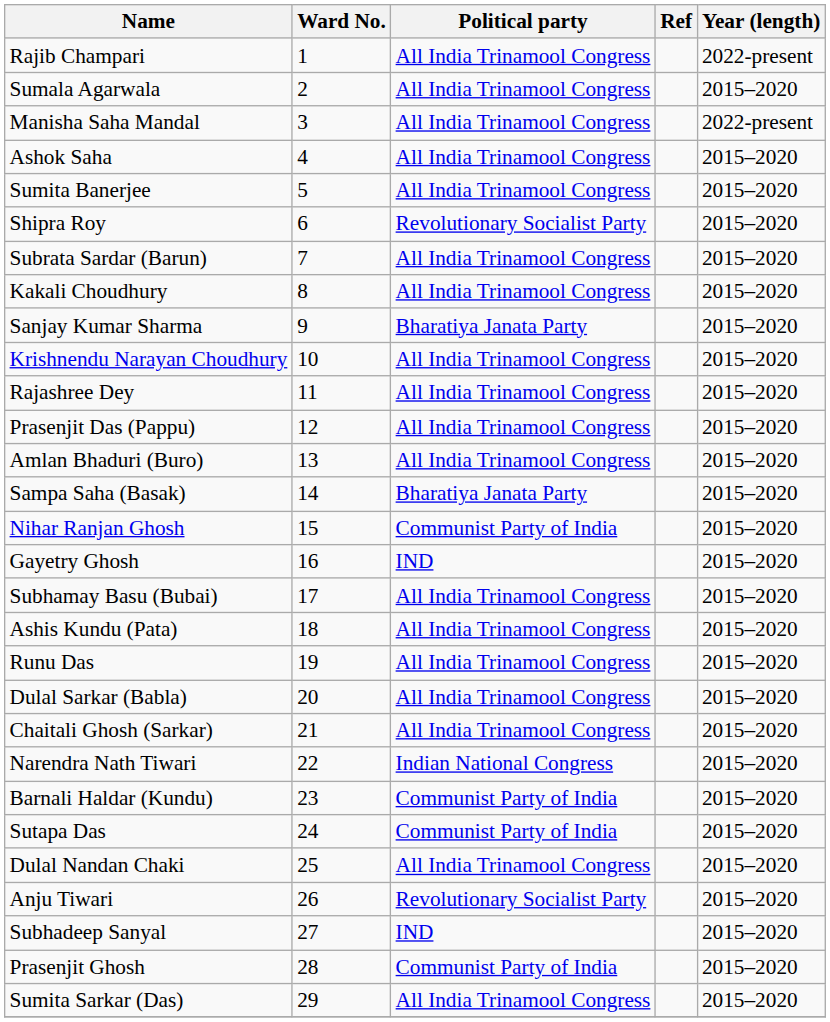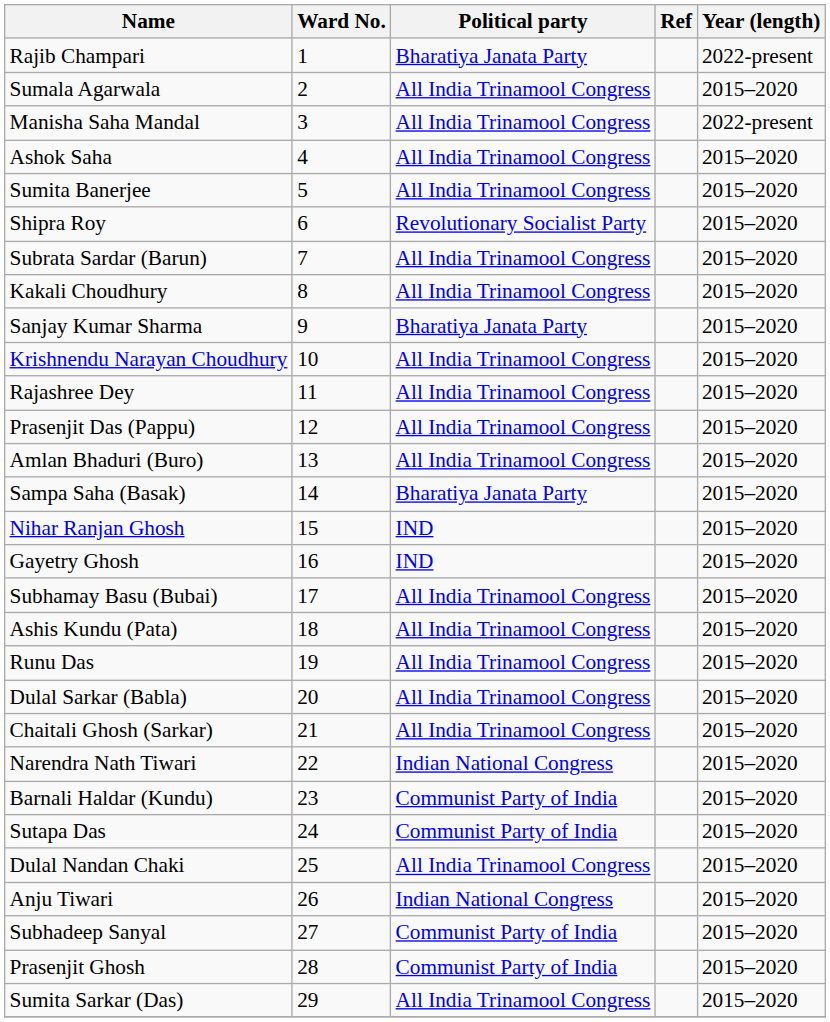 <table class="wikitable">
 <tr>
 <th>Name</th>
 <th>Ward No.</th>
 <th>Political party</th>
 <th scope=col class=unsortable>Ref</th>
 <th>Year (length)</th>
 </tr>
 <tr>
 <td>Rajib Champari</td>
 <td>1</td>
-<td><a href='#'>All India Trinamool Congress</a></td>
+<td><a href='#'>Bharatiya Janata Party</a></td>
 <td width="4px"></td>
 <td>2022-present</td>
 </tr>
 <tr>
 <td>Sumala Agarwala</td>
 <td>2</td>
 <td><a href='#'>All India Trinamool Congress</a></td>
 <td width="4px"></td>
 <td>2015–2020</td>
 </tr>
 <tr>
 <td>Manisha Saha Mandal</td>
 <td>3</td>
 <td><a href='#'>All India Trinamool Congress</a></td>
 <td width="4px"></td>
 <td>2022-present</td>
 </tr>
 <tr>
 <td>Ashok Saha</td>
 <td>4</td>
 <td><a href='#'>All India Trinamool Congress</a></td>
 <td width="4px"></td>
 <td>2015–2020</td>
 </tr>
 <tr>
 <td>Sumita Banerjee</td>
 <td>5</td>
 <td><a href='#'>All India Trinamool Congress</a></td>
 <td width="4px"></td>
 <td>2015–2020</td>
 </tr>
 <tr>
 <td>Shipra Roy</td>
 <td>6</td>
 <td><a href='#'>Revolutionary Socialist Party</a></td>
 <td width="4px"></td>
 <td>2015–2020</td>
 </tr>
 <tr>
 <td>Subrata Sardar (Barun)</td>
 <td>7</td>
 <td><a href='#'>All India Trinamool Congress</a></td>
 <td width="4px"></td>
 <td>2015–2020</td>
 </tr>
 <tr>
 <td>Kakali Choudhury</td>
 <td>8</td>
 <td><a href='#'>All India Trinamool Congress</a></td>
 <td width="4px"></td>
 <td>2015–2020</td>
 </tr>
 <tr>
 <td>Sanjay Kumar Sharma</td>
 <td>9</td>
 <td><a href='#'>Bharatiya Janata Party</a></td>
 <td width="4px"></td>
 <td>2015–2020</td>
 </tr>
 <tr>
 <td><a href='#'>Krishnendu Narayan Choudhury</a></td>
 <td>10</td>
 <td><a href='#'>All India Trinamool Congress</a></td>
 <td width="4px"></td>
 <td>2015–2020</td>
 </tr>
 <tr>
 <td>Rajashree Dey</td>
 <td>11</td>
 <td><a href='#'>All India Trinamool Congress</a></td>
 <td width="4px"></td>
 <td>2015–2020</td>
 </tr>
 <tr>
 <td>Prasenjit Das (Pappu)</td>
 <td>12</td>
 <td><a href='#'>All India Trinamool Congress</a></td>
 <td width="4px"></td>
 <td>2015–2020</td>
 </tr>
 <tr>
 <td>Amlan Bhaduri (Buro)</td>
 <td>13</td>
 <td><a href='#'>All India Trinamool Congress</a></td>
 <td width="4px"></td>
 <td>2015–2020</td>
 </tr>
 <tr>
 <td>Sampa Saha (Basak)</td>
 <td>14</td>
 <td><a href='#'>Bharatiya Janata Party</a></td>
 <td width="4px"></td>
 <td>2015–2020</td>
 </tr>
 <tr>
 <td><a href='#'>Nihar Ranjan Ghosh</a></td>
 <td>15</td>
-<td><a href='#'>Communist Party of India</a></td>
+<td><a href='#'>IND</a></td>
 <td width="4px"></td>
 <td>2015–2020</td>
 </tr>
 <tr>
 <td>Gayetry Ghosh</td>
 <td>16</td>
 <td><a href='#'>IND</a></td>
 <td width="4px"></td>
 <td>2015–2020</td>
 </tr>
 <tr>
 <td>Subhamay Basu (Bubai)</td>
 <td>17</td>
 <td><a href='#'>All India Trinamool Congress</a></td>
 <td width="4px"></td>
 <td>2015–2020</td>
 </tr>
 <tr>
 <td>Ashis Kundu (Pata)</td>
 <td>18</td>
 <td><a href='#'>All India Trinamool Congress</a></td>
 <td width="4px"></td>
 <td>2015–2020</td>
 </tr>
 <tr>
 <td>Runu Das</td>
 <td>19</td>
 <td><a href='#'>All India Trinamool Congress</a></td>
 <td width="4px"></td>
 <td>2015–2020</td>
 </tr>
 <tr>
 <td>Dulal Sarkar (Babla)</td>
 <td>20</td>
 <td><a href='#'>All India Trinamool Congress</a></td>
 <td width="4px"></td>
 <td>2015–2020</td>
 </tr>
 <tr>
 <td>Chaitali Ghosh (Sarkar)</td>
 <td>21</td>
 <td><a href='#'>All India Trinamool Congress</a></td>
 <td width="4px"></td>
 <td>2015–2020</td>
 </tr>
 <tr>
 <td>Narendra Nath Tiwari</td>
 <td>22</td>
 <td><a href='#'>Indian National Congress</a></td>
 <td width="4px"></td>
 <td>2015–2020</td>
 </tr>
 <tr>
 <td>Barnali Haldar (Kundu)</td>
 <td>23</td>
 <td><a href='#'>Communist Party of India</a></td>
 <td width="4px"></td>
 <td>2015–2020</td>
 </tr>
 <tr>
 <td>Sutapa Das</td>
 <td>24</td>
 <td><a href='#'>Communist Party of India</a></td>
 <td width="4px"></td>
 <td>2015–2020</td>
 </tr>
 <tr>
 <td>Dulal Nandan Chaki</td>
 <td>25</td>
 <td><a href='#'>All India Trinamool Congress</a></td>
 <td width="4px"></td>
 <td>2015–2020</td>
 </tr>
 <tr>
 <td>Anju Tiwari</td>
 <td>26</td>
-<td><a href='#'>Revolutionary Socialist Party</a></td>
+<td><a href='#'>Indian National Congress</a></td>
 <td width="4px"></td>
 <td>2015–2020</td>
 </tr>
 <tr>
 <td>Subhadeep Sanyal</td>
 <td>27</td>
-<td><a href='#'>IND</a></td>
+<td><a href='#'>Communist Party of India</a></td>
 <td width="4px"></td>
 <td>2015–2020</td>
 </tr>
 <tr>
 <td>Prasenjit Ghosh</td>
 <td>28</td>
 <td><a href='#'>Communist Party of India</a></td>
 <td width="4px"></td>
 <td>2015–2020</td>
 </tr>
 <tr>
 <td>Sumita Sarkar (Das)</td>
 <td>29</td>
 <td><a href='#'>All India Trinamool Congress</a></td>
 <td width="4px"></td>
 <td>2015–2020</td>
 </tr>
 <tr>
 </tr>
 </table>
